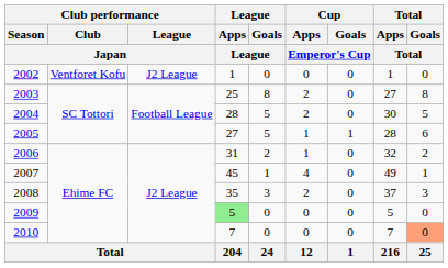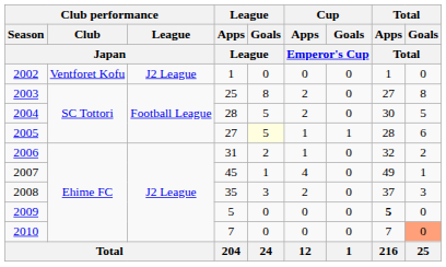 <table class="wikitable" style="text-align:center;">
 <tr>
 <th colspan=3>Club performance</th>
 <th colspan=2>League</th>
 <th colspan=2>Cup</th>
 <th colspan=2>Total</th>
 </tr>
 <tr>
 <th>Season</th>
 <th>Club</th>
 <th>League</th>
 <th>Apps</th>
 <th>Goals</th>
 <th>Apps</th>
 <th>Goals</th>
 <th>Apps</th>
 <th>Goals</th>
 </tr>
 <tr>
 <th colspan=3>Japan</th>
 <th colspan=2>League</th>
 <th colspan=2><a href='#'>Emperor's Cup</a></th>
 <th colspan=2>Total</th>
 </tr>
 <tr>
 <td><a href='#'>2002</a></td>
 <td><a href='#'>Ventforet Kofu</a></td>
 <td><a href='#'>J2 League</a></td>
 <td>1</td>
 <td>0</td>
 <td>0</td>
 <td>0</td>
 <td>1</td>
 <td>0</td>
 </tr>
 <tr>
 <td><a href='#'>2003</a></td>
 <td rowspan="3"><a href='#'>SC Tottori</a></td>
 <td rowspan="3"><a href='#'>Football League</a></td>
 <td>25</td>
 <td>8</td>
 <td>2</td>
 <td>0</td>
 <td>27</td>
 <td>8</td>
 </tr>
 <tr>
 <td><a href='#'>2004</a></td>
 <td>28</td>
 <td>5</td>
 <td>2</td>
 <td>0</td>
 <td>30</td>
 <td>5</td>
 </tr>
 <tr>
 <td><a href='#'>2005</a></td>
 <td>27</td>
-<td>5</td>
+<td style="background: lightyellow;">5</td>
 <td>1</td>
 <td>1</td>
 <td>28</td>
 <td>6</td>
 </tr>
 <tr>
 <td><a href='#'>2006</a></td>
 <td rowspan="5"><a href='#'>Ehime FC</a></td>
 <td rowspan="5"><a href='#'>J2 League</a></td>
 <td>31</td>
 <td>2</td>
 <td>1</td>
 <td>0</td>
 <td>32</td>
 <td>2</td>
 </tr>
 <tr>
 <td>2007</td>
 <td>45</td>
 <td>1</td>
 <td>4</td>
 <td>0</td>
 <td>49</td>
 <td>1</td>
 </tr>
 <tr>
 <td>2008</td>
 <td>35</td>
 <td>3</td>
 <td>2</td>
 <td>0</td>
 <td>37</td>
 <td>3</td>
 </tr>
 <tr>
 <td><a href='#'>2009</a></td>
-<td style="background: lightgreen;">5</td>
+<td>5</td>
 <td>0</td>
 <td>0</td>
 <td>0</td>
-<td>5</td>
+<td><strong>5</strong></td>
 <td>0</td>
 </tr>
 <tr>
 <td><a href='#'>2010</a></td>
 <td>7</td>
 <td>0</td>
 <td>0</td>
 <td>0</td>
 <td>7</td>
 <td style="background: lightsalmon;">0</td>
 </tr>
 <tr>
 <th colspan=3>Total</th>
 <th>204</th>
 <th>24</th>
 <th>12</th>
 <th>1</th>
 <th>216</th>
 <th>25</th>
 </tr>
 </table>
